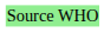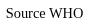 <table>
 <tr>
 <td></td>
 </tr>
 <tr>
-<td style="background: lightgreen;">Source WHO </td>
+<td>Source WHO </td>
 </tr>
 </table>
